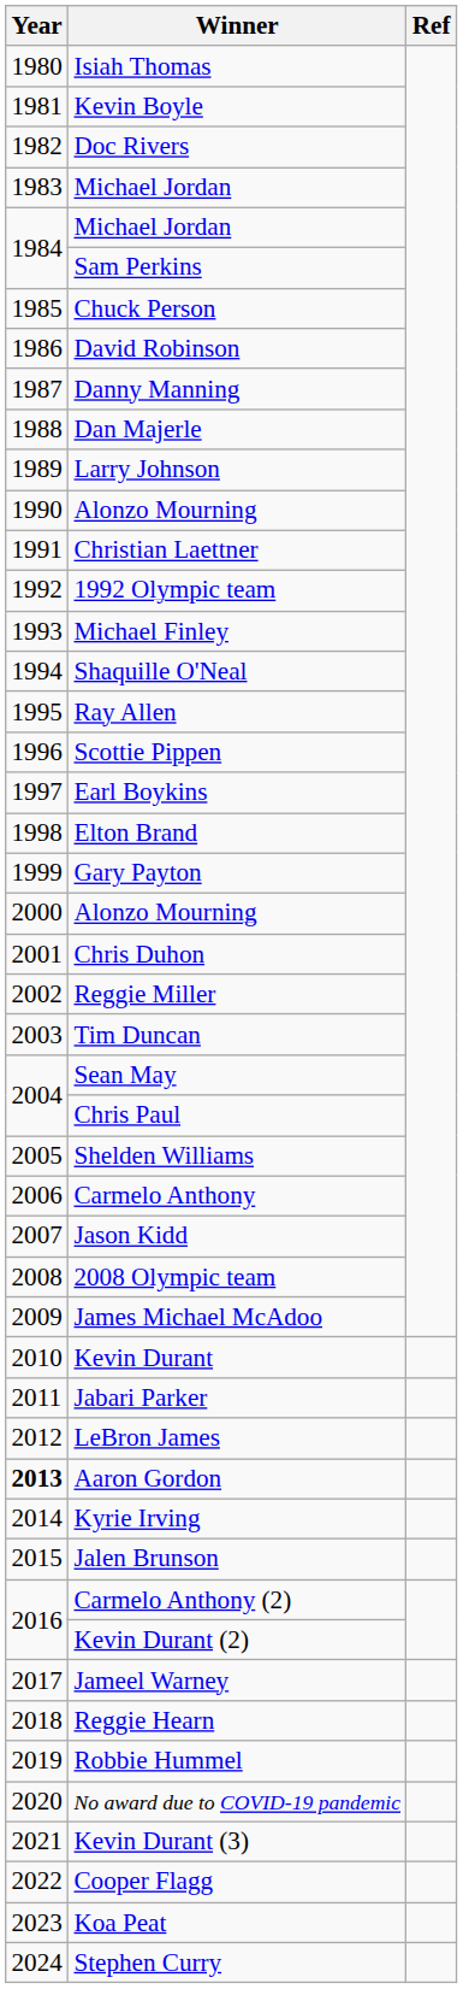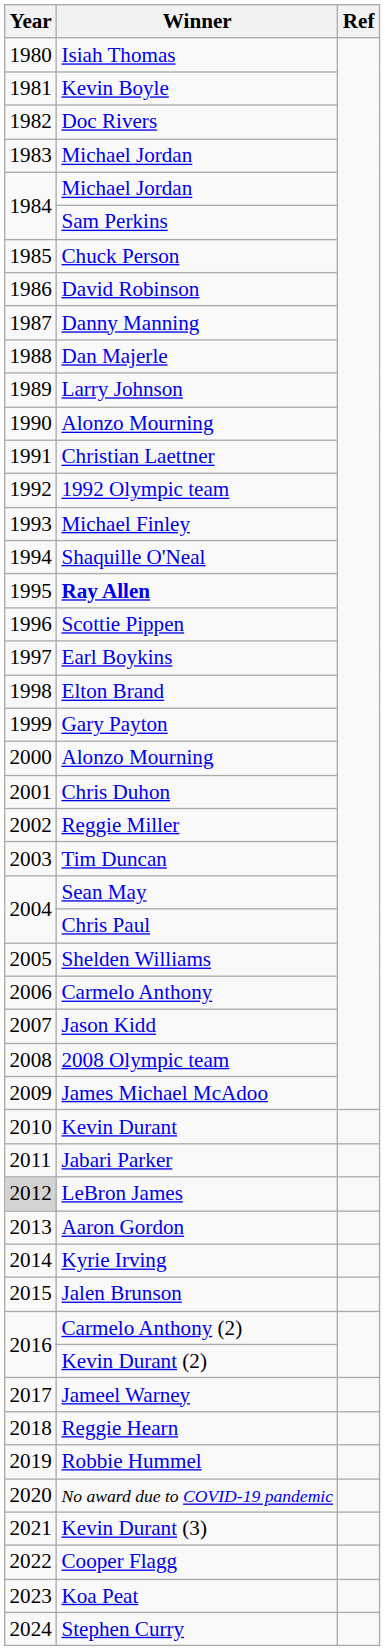 <table class="wikitable sortable" >
 <tr bgcolor="#efefef">
 <th>Year</th>
 <th>Winner</th>
 <th class="unsortable">Ref</th>
 </tr>
 <tr>
 <td>1980</td>
 <td><a href='#'>Isiah Thomas</a></td>
 <td rowspan=32></td>
 </tr>
 <tr>
 <td>1981</td>
 <td><a href='#'>Kevin Boyle</a></td>
 </tr>
 <tr>
 <td>1982</td>
 <td><a href='#'>Doc Rivers</a></td>
 </tr>
 <tr>
 <td>1983</td>
 <td><a href='#'>Michael Jordan</a></td>
 </tr>
 <tr>
 <td rowspan=2>1984</td>
 <td><a href='#'>Michael Jordan</a></td>
 </tr>
 <tr>
 <td><a href='#'>Sam Perkins</a></td>
 </tr>
 <tr>
 <td>1985</td>
 <td><a href='#'>Chuck Person</a></td>
 </tr>
 <tr>
 <td>1986</td>
 <td><a href='#'>David Robinson</a></td>
 </tr>
 <tr>
 <td>1987</td>
 <td><a href='#'>Danny Manning</a></td>
 </tr>
 <tr>
 <td>1988</td>
 <td><a href='#'>Dan Majerle</a></td>
 </tr>
 <tr>
 <td>1989</td>
 <td><a href='#'>Larry Johnson</a></td>
 </tr>
 <tr>
 <td>1990</td>
 <td><a href='#'>Alonzo Mourning</a></td>
 </tr>
 <tr>
 <td>1991</td>
 <td><a href='#'>Christian Laettner</a></td>
 </tr>
 <tr>
 <td>1992</td>
 <td><a href='#'>1992 Olympic team</a></td>
 </tr>
 <tr>
 <td>1993</td>
 <td><a href='#'>Michael Finley</a></td>
 </tr>
 <tr>
 <td>1994</td>
 <td><a href='#'>Shaquille O'Neal</a></td>
 </tr>
 <tr>
 <td>1995</td>
-<td><a href='#'>Ray Allen</a></td>
+<td><strong><a href='#'>Ray Allen</a></strong></td>
 </tr>
 <tr>
 <td>1996</td>
 <td><a href='#'>Scottie Pippen</a></td>
 </tr>
 <tr>
 <td>1997</td>
 <td><a href='#'>Earl Boykins</a></td>
 </tr>
 <tr>
 <td>1998</td>
 <td><a href='#'>Elton Brand</a></td>
 </tr>
 <tr>
 <td>1999</td>
 <td><a href='#'>Gary Payton</a></td>
 </tr>
 <tr>
 <td>2000</td>
 <td><a href='#'>Alonzo Mourning</a></td>
 </tr>
 <tr>
 <td>2001</td>
 <td><a href='#'>Chris Duhon</a></td>
 </tr>
 <tr>
 <td>2002</td>
 <td><a href='#'>Reggie Miller</a></td>
 </tr>
 <tr>
 <td>2003</td>
 <td><a href='#'>Tim Duncan</a></td>
 </tr>
 <tr>
 <td rowspan=2>2004</td>
 <td><a href='#'>Sean May</a></td>
 </tr>
 <tr>
 <td><a href='#'>Chris Paul</a></td>
 </tr>
 <tr>
 <td>2005</td>
 <td><a href='#'>Shelden Williams</a></td>
 </tr>
 <tr>
 <td>2006</td>
 <td><a href='#'>Carmelo Anthony</a></td>
 </tr>
 <tr>
 <td>2007</td>
 <td><a href='#'>Jason Kidd</a></td>
 </tr>
 <tr>
 <td>2008</td>
 <td><a href='#'>2008 Olympic team</a></td>
 </tr>
 <tr>
 <td>2009</td>
 <td><a href='#'>James Michael McAdoo</a></td>
 </tr>
 <tr>
 <td>2010</td>
 <td><a href='#'>Kevin Durant</a></td>
 <td></td>
 </tr>
 <tr>
 <td>2011</td>
 <td><a href='#'>Jabari Parker</a></td>
 <td></td>
 </tr>
 <tr>
-<td>2012</td>
+<td style="background: lightgrey;">2012</td>
 <td><a href='#'>LeBron James</a></td>
 <td></td>
 </tr>
 <tr>
-<td><strong>2013</strong></td>
+<td>2013</td>
 <td><a href='#'>Aaron Gordon</a></td>
 <td></td>
 </tr>
 <tr>
 <td>2014</td>
 <td><a href='#'>Kyrie Irving</a></td>
 <td></td>
 </tr>
 <tr>
 <td>2015</td>
 <td><a href='#'>Jalen Brunson</a></td>
 <td></td>
 </tr>
 <tr>
 <td rowspan=2>2016</td>
 <td><a href='#'>Carmelo Anthony</a> (2)</td>
 <td rowspan=2></td>
 </tr>
 <tr>
 <td><a href='#'>Kevin Durant</a> (2)</td>
 </tr>
 <tr>
 <td>2017</td>
 <td><a href='#'>Jameel Warney</a></td>
 <td></td>
 </tr>
 <tr>
 <td>2018</td>
 <td><a href='#'>Reggie Hearn</a></td>
 <td></td>
 </tr>
 <tr>
 <td>2019</td>
 <td><a href='#'>Robbie Hummel</a></td>
 <td></td>
 </tr>
 <tr>
 <td>2020</td>
 <td><em><small>No award due to <a href='#'>COVID-19 pandemic</a></small></em></td>
 <td></td>
 </tr>
 <tr>
 <td>2021</td>
 <td><a href='#'>Kevin Durant</a> (3)</td>
 <td></td>
 </tr>
 <tr>
 <td>2022</td>
 <td><a href='#'>Cooper Flagg</a></td>
 <td></td>
 </tr>
 <tr>
 <td>2023</td>
 <td><a href='#'>Koa Peat</a></td>
 <td></td>
 </tr>
 <tr>
 <td>2024</td>
 <td><a href='#'>Stephen Curry</a></td>
 <td></td>
 </tr>
 </table>
